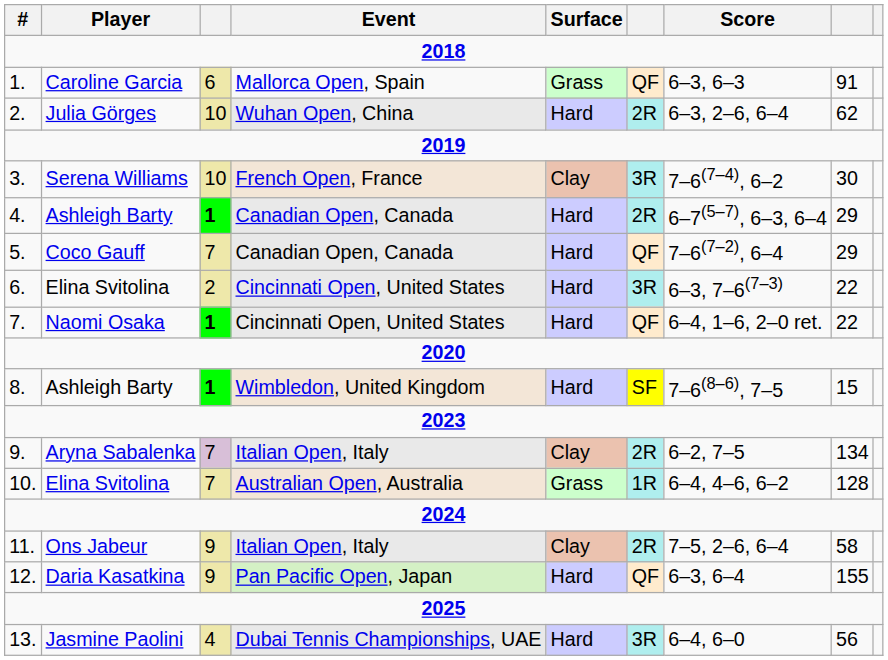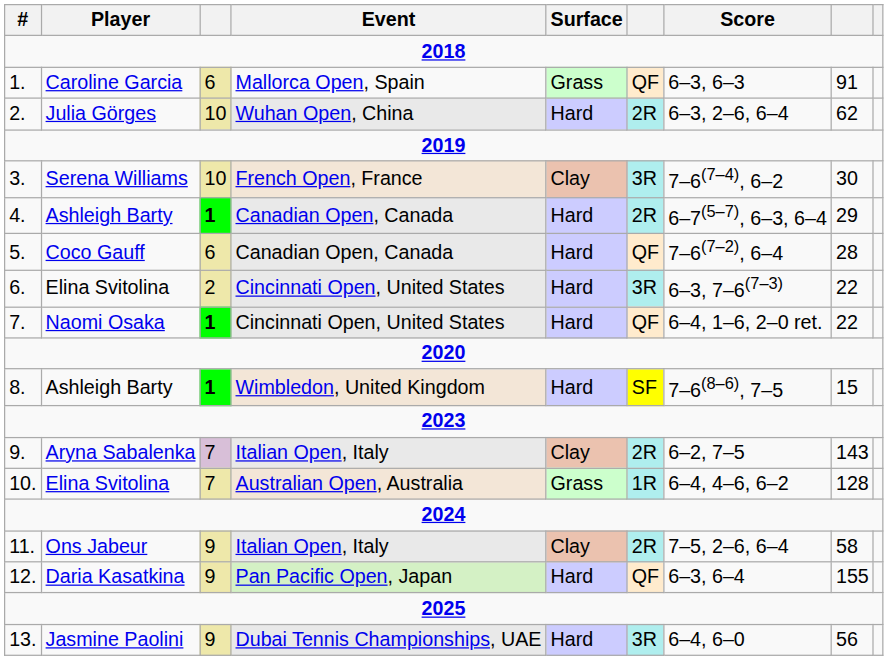 <table class="wikitable sortable">
 <tr>
 <th class="unsortable">#</th>
 <th>Player</th>
 <th></th>
 <th>Event</th>
 <th>Surface</th>
 <th class="unsortable"></th>
 <th class="unsortable">Score</th>
 <th class="unsortable"></th>
 <th class="unsortable"></th>
 </tr>
 <tr>
 <td colspan=9 style=text-align:center><strong><a href='#'>2018</a></strong></td>
 </tr>
 <tr>
 <td>1.</td>
 <td> <a href='#'>Caroline Garcia</a></td>
 <td style="background:#EEE8AA">6</td>
 <td><a href='#'>Mallorca Open</a>, Spain</td>
 <td style="background:#ccffcc">Grass</td>
 <td style="background:#ffebcd">QF</td>
 <td>6–3, 6–3</td>
 <td>91</td>
 <td></td>
 </tr>
 <tr>
 <td>2.</td>
 <td> <a href='#'>Julia Görges</a></td>
 <td style="background:#EEE8AA">10</td>
 <td style="background:#e9e9e9"><a href='#'>Wuhan Open</a>, China</td>
 <td style="background:#CCCCFF">Hard</td>
 <td style="background:#afeeee">2R</td>
 <td>6–3, 2–6, 6–4</td>
 <td>62</td>
 <td></td>
 </tr>
 <tr>
 <td colspan=9 style=text-align:center><strong><a href='#'>2019</a></strong></td>
 </tr>
 <tr>
 <td>3.</td>
 <td> <a href='#'>Serena Williams</a></td>
 <td style="background:#EEE8AA">10</td>
 <td style="background:#f3e6d7"><a href='#'>French Open</a>, France</td>
 <td style="background:#ebc2af">Clay</td>
 <td style="background:#afeeee">3R</td>
 <td>7–6<sup>(7–4)</sup>, 6–2</td>
 <td>30</td>
 <td></td>
 </tr>
 <tr>
 <td>4.</td>
 <td> <a href='#'>Ashleigh Barty</a></td>
 <td style="background:lime"><strong>1</strong></td>
 <td style="background:#e9e9e9"><a href='#'>Canadian Open</a>, Canada</td>
 <td style="background:#CCCCFF">Hard</td>
 <td style="background:#afeeee">2R</td>
 <td>6–7<sup>(5–7)</sup>, 6–3, 6–4</td>
 <td>29</td>
 <td></td>
 </tr>
 <tr>
 <td>5.</td>
 <td> <a href='#'>Coco Gauff</a></td>
-<td style="background:#EEE8AA">7</td>
+<td style="background:#EEE8AA">6</td>
 <td style="background:#e9e9e9">Canadian Open, Canada</td>
 <td style="background:#CCCCFF">Hard</td>
 <td style="background:#ffebcd">QF</td>
 <td>7–6<sup>(7–2)</sup>, 6–4</td>
-<td>29</td>
+<td>28</td>
 <td></td>
 </tr>
 <tr>
 <td>6.</td>
 <td> Elina Svitolina</td>
 <td style="background:#EEE8AA">2</td>
 <td style="background:#e9e9e9"><a href='#'>Cincinnati Open</a>, United States</td>
 <td style="background:#CCCCFF">Hard</td>
 <td style="background:#afeeee">3R</td>
 <td>6–3, 7–6<sup>(7–3)</sup></td>
 <td>22</td>
 <td></td>
 </tr>
 <tr>
 <td>7.</td>
 <td> <a href='#'>Naomi Osaka</a></td>
 <td style="background:lime"><strong>1</strong></td>
 <td style="background:#e9e9e9">Cincinnati Open, United States</td>
 <td style="background:#CCCCFF">Hard</td>
 <td style="background:#ffebcd">QF</td>
 <td>6–4, 1–6, 2–0 ret.</td>
 <td>22</td>
 <td></td>
 </tr>
 <tr>
 <td colspan=9 style=text-align:center><strong><a href='#'>2020</a></strong></td>
 </tr>
 <tr>
 <td>8.</td>
 <td> Ashleigh Barty</td>
 <td style="background:lime"><strong>1</strong></td>
 <td style="background:#f3e6d7"><a href='#'>Wimbledon</a>, United Kingdom</td>
 <td style="background:#CCCCFF">Hard</td>
 <td style="background:yellow">SF</td>
 <td>7–6<sup>(8–6)</sup>, 7–5</td>
 <td>15</td>
 <td></td>
 </tr>
 <tr>
 <td colspan=9 style=text-align:center><strong><a href='#'>2023</a></strong></td>
 </tr>
 <tr>
 <td>9.</td>
 <td> <a href='#'>Aryna Sabalenka</a></td>
 <td bgcolor=thistle>7</td>
 <td bgcolor=e9e9e9><a href='#'>Italian Open</a>, Italy</td>
 <td bgcolor=ebc2af>Clay</td>
 <td bgcolor=#afeeee>2R</td>
 <td>6–2, 7–5</td>
-<td>134</td>
+<td>143</td>
 <td></td>
 </tr>
 <tr>
 <td>10.</td>
 <td> <a href='#'>Elina Svitolina</a></td>
 <td style="background:#EEE8AA">7</td>
 <td style="background:#f3e6d7"><a href='#'>Australian Open</a>, Australia</td>
 <td style="background:#ccffcc">Grass</td>
 <td style="background:#afeeee">1R</td>
 <td>6–4, 4–6, 6–2</td>
 <td>128</td>
 <td></td>
 </tr>
 <tr>
 <td colspan=9 style=text-align:center><strong><a href='#'>2024</a></strong></td>
 </tr>
 <tr>
 <td>11.</td>
 <td> <a href='#'>Ons Jabeur</a></td>
 <td style="background:#EEE8AA">9</td>
 <td bgcolor=e9e9e9><a href='#'>Italian Open</a>, Italy</td>
 <td bgcolor=ebc2af>Clay</td>
 <td bgcolor=#afeeee>2R</td>
 <td>7–5, 2–6, 6–4</td>
 <td>58</td>
 <td></td>
 </tr>
 <tr>
 <td>12.</td>
 <td> <a href='#'>Daria Kasatkina</a></td>
 <td bgcolor=eee8aa>9</td>
 <td bgcolor=d4f1c5><a href='#'>Pan Pacific Open</a>, Japan</td>
 <td bgcolor=ccccff>Hard</td>
 <td bgcolor=ffebcd>QF</td>
 <td>6–3, 6–4</td>
 <td>155</td>
 <td></td>
 </tr>
 <tr>
 <td colspan=9 style=text-align:center><strong><a href='#'>2025</a></strong></td>
 </tr>
 <tr>
 <td>13.</td>
 <td> <a href='#'>Jasmine Paolini</a></td>
-<td bgcolor="eee8AA">4</td>
+<td bgcolor="eee8AA">9</td>
 <td bgcolor="e9e9e9"><a href='#'>Dubai Tennis Championships</a>, UAE</td>
 <td bgcolor="ccccff">Hard</td>
 <td bgcolor="afeeee">3R</td>
 <td>6–4, 6–0</td>
 <td>56</td>
 <td></td>
 </tr>
 </table>
